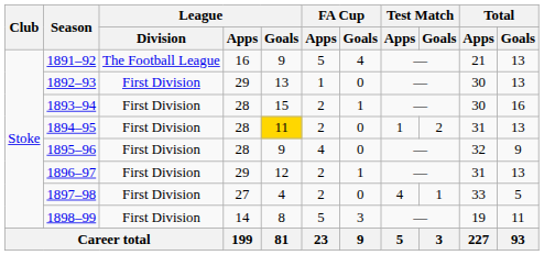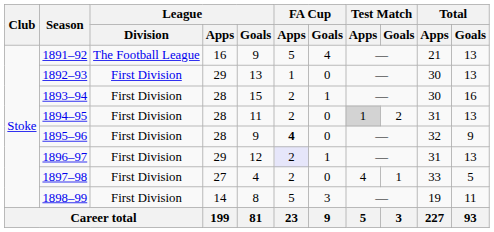 <table class="wikitable" style="text-align: center;">
 <tr>
 <th rowspan="2">Club</th>
 <th rowspan="2">Season</th>
 <th colspan="3">League</th>
 <th colspan="2">FA Cup</th>
 <th colspan="2">Test Match</th>
 <th colspan="2">Total</th>
 </tr>
 <tr>
 <th>Division</th>
 <th>Apps</th>
 <th>Goals</th>
 <th>Apps</th>
 <th>Goals</th>
 <th>Apps</th>
 <th>Goals</th>
 <th>Apps</th>
 <th>Goals</th>
 </tr>
 <tr>
 <td rowspan="8"><a href='#'>Stoke</a></td>
 <td><a href='#'>1891–92</a></td>
 <td><a href='#'>The Football League</a></td>
 <td>16</td>
 <td>9</td>
 <td>5</td>
 <td>4</td>
 <td colspan="2">—</td>
 <td>21</td>
 <td>13</td>
 </tr>
 <tr>
 <td><a href='#'>1892–93</a></td>
 <td><a href='#'>First Division</a></td>
 <td>29</td>
 <td>13</td>
 <td>1</td>
 <td>0</td>
 <td colspan="2">—</td>
 <td>30</td>
 <td>13</td>
 </tr>
 <tr>
 <td><a href='#'>1893–94</a></td>
 <td>First Division</td>
 <td>28</td>
 <td>15</td>
 <td>2</td>
 <td>1</td>
 <td colspan="2">—</td>
 <td>30</td>
 <td>16</td>
 </tr>
 <tr>
 <td><a href='#'>1894–95</a></td>
 <td>First Division</td>
 <td>28</td>
-<td style="background: gold;">11</td>
+<td>11</td>
 <td>2</td>
 <td>0</td>
-<td>1</td>
+<td style="background: lightgrey;">1</td>
 <td>2</td>
 <td>31</td>
 <td>13</td>
 </tr>
 <tr>
 <td><a href='#'>1895–96</a></td>
 <td>First Division</td>
 <td>28</td>
 <td>9</td>
-<td>4</td>
+<td><strong>4</strong></td>
 <td>0</td>
 <td colspan="2">—</td>
 <td>32</td>
 <td>9</td>
 </tr>
 <tr>
 <td><a href='#'>1896–97</a></td>
 <td>First Division</td>
 <td>29</td>
 <td>12</td>
-<td>2</td>
+<td style="background: lavender;">2</td>
 <td>1</td>
 <td colspan="2">—</td>
 <td>31</td>
 <td>13</td>
 </tr>
 <tr>
 <td><a href='#'>1897–98</a></td>
 <td>First Division</td>
 <td>27</td>
 <td>4</td>
 <td>2</td>
 <td>0</td>
 <td>4</td>
 <td>1</td>
 <td>33</td>
 <td>5</td>
 </tr>
 <tr>
 <td><a href='#'>1898–99</a></td>
 <td>First Division</td>
 <td>14</td>
 <td>8</td>
 <td>5</td>
 <td>3</td>
 <td colspan="2">—</td>
 <td>19</td>
 <td>11</td>
 </tr>
 <tr>
 <th colspan=3>Career total</th>
 <th>199</th>
 <th>81</th>
 <th>23</th>
 <th>9</th>
 <th>5</th>
 <th>3</th>
 <th>227</th>
 <th>93</th>
 </tr>
 </table>
